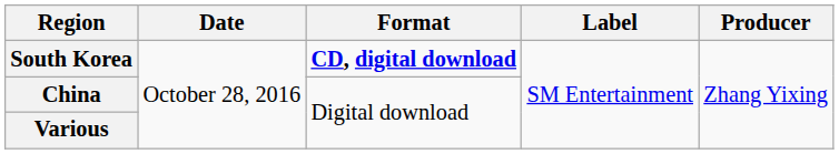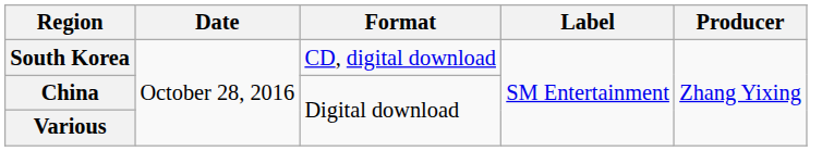 <table class="wikitable plainrowheaders">
 <tr>
 <th>Region</th>
 <th>Date</th>
 <th>Format</th>
 <th>Label</th>
 <th>Producer</th>
 </tr>
 <tr>
 <th scope="row">South Korea</th>
 <td rowspan="3">October 28, 2016</td>
-<td><strong><a href='#'>CD</a>, <a href='#'>digital download</a></strong></td>
+<td><a href='#'>CD</a>, <a href='#'>digital download</a></td>
 <td rowspan="3"><a href='#'>SM Entertainment</a></td>
 <td rowspan="3"><a href='#'>Zhang Yixing</a></td>
 </tr>
 <tr>
 <th scope="row">China</th>
 <td rowspan="2">Digital download</td>
 </tr>
 <tr>
 <th scope="row">Various</th>
 </tr>
 </table>
